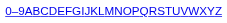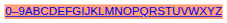 <table id="toc" class="toc" summary="Class">
 <tr>
 <th></th>
 </tr>
 <tr>
-<td style="text-align:center;"><a href='#'>0–9</a><a href='#'>A</a><a href='#'>B</a><a href='#'>C</a><a href='#'>D</a><a href='#'>E</a><a href='#'>F</a><a href='#'>G</a><a href='#'>I</a><a href='#'>J</a><a href='#'>K</a><a href='#'>L</a><a href='#'>M</a><a href='#'>N</a><a href='#'>O</a><a href='#'>P</a><a href='#'>Q</a><a href='#'>R</a><a href='#'>S</a><a href='#'>T</a><a href='#'>U</a><a href='#'>V</a><a href='#'>W</a><a href='#'>X</a><a href='#'>Y</a><a href='#'>Z</a></td>
+<td style="background: lightsalmon; text-align:center;"><a href='#'>0–9</a><a href='#'>A</a><a href='#'>B</a><a href='#'>C</a><a href='#'>D</a><a href='#'>E</a><a href='#'>F</a><a href='#'>G</a><a href='#'>I</a><a href='#'>J</a><a href='#'>K</a><a href='#'>L</a><a href='#'>M</a><a href='#'>N</a><a href='#'>O</a><a href='#'>P</a><a href='#'>Q</a><a href='#'>R</a><a href='#'>S</a><a href='#'>T</a><a href='#'>U</a><a href='#'>V</a><a href='#'>W</a><a href='#'>X</a><a href='#'>Y</a><a href='#'>Z</a></td>
 </tr>
 </table>
